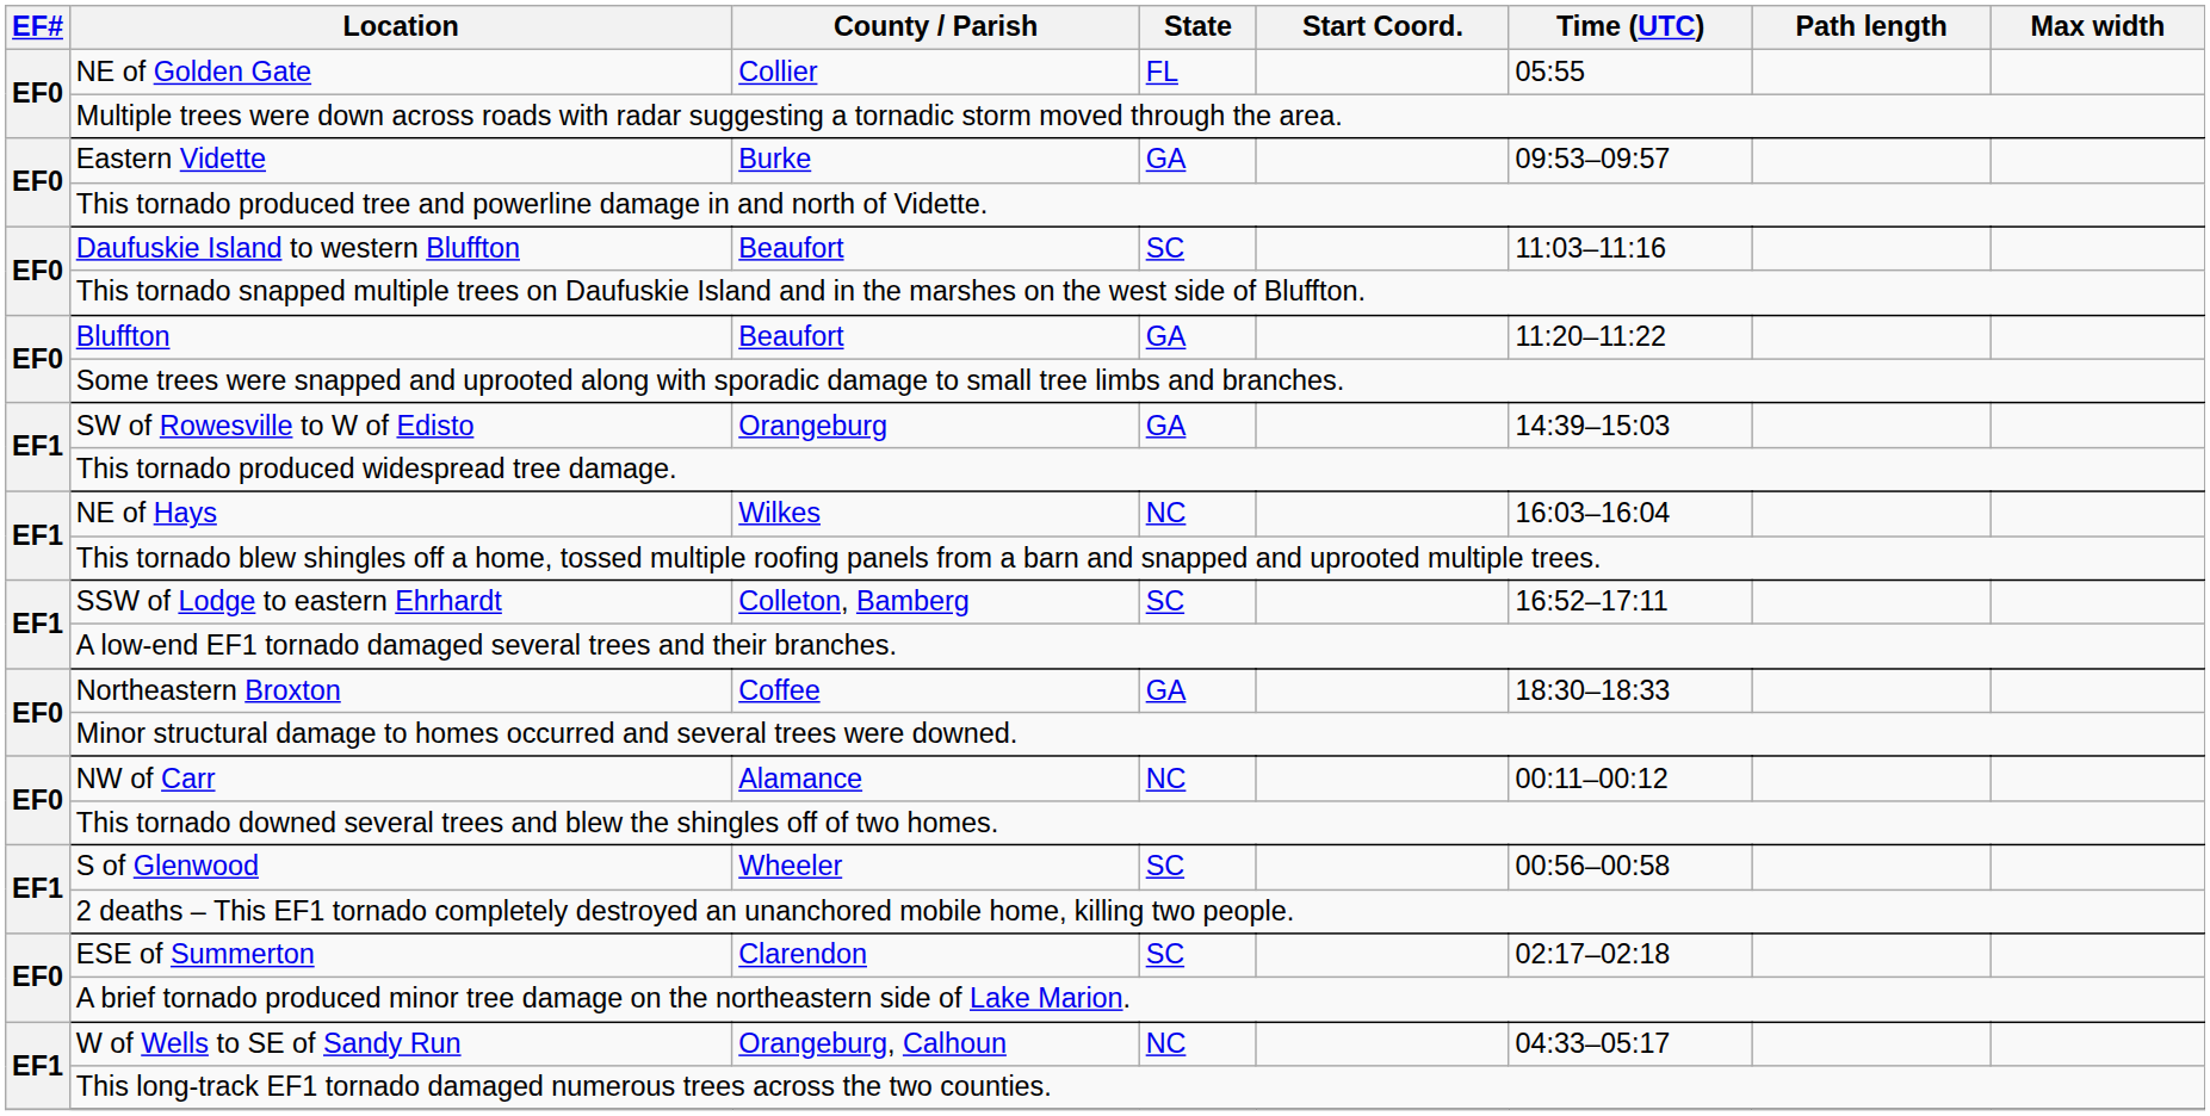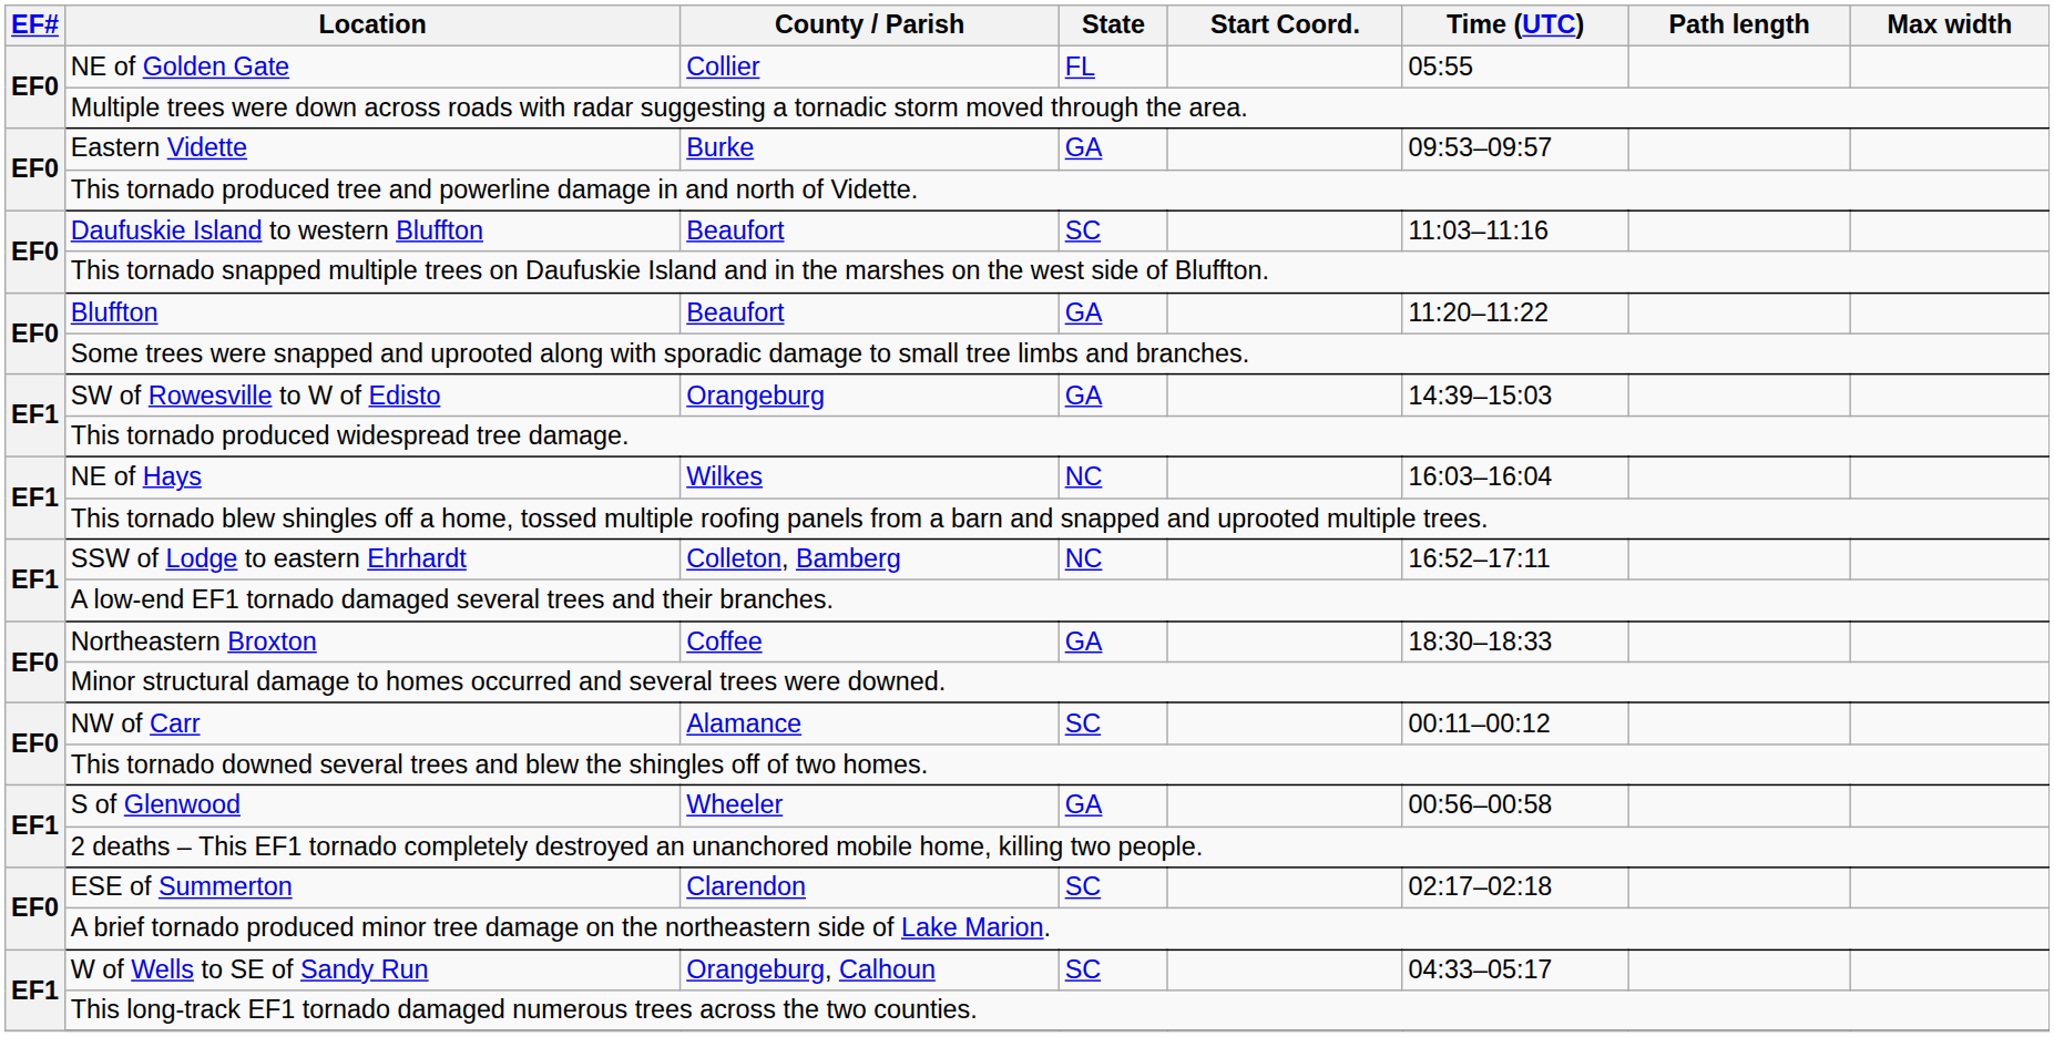 <table class="wikitable sortable" style="width:100%;">
 <tr>
 <th scope="col" width="2%" align="center"><a href='#'>EF#</a></th>
 <th scope="col" align="center" class="unsortable">Location</th>
 <th scope="col" align="center" class="unsortable">County / Parish</th>
 <th scope="col" align="center">State</th>
 <th scope="col" align="center">Start Coord.</th>
 <th scope="col" align="center">Time (<a href='#'>UTC</a>)</th>
 <th scope="col" align="center">Path length</th>
 <th scope="col" align="center">Max width</th>
 </tr>
 <tr>
 <th scope="row" rowspan="2" style="background-color:#">EF0</th>
 <td>NE of <a href='#'>Golden Gate</a></td>
 <td><a href='#'>Collier</a></td>
 <td><a href='#'>FL</a></td>
 <td></td>
 <td>05:55</td>
 <td></td>
 <td></td>
 </tr>
 <tr class="expand-child">
 <td colspan="8" style=" border-bottom: 1px solid black;">Multiple trees were down across roads with radar suggesting a tornadic storm moved through the area.</td>
 </tr>
 <tr>
 <th scope="row" rowspan="2" style="background-color:#">EF0</th>
 <td>Eastern <a href='#'>Vidette</a></td>
 <td><a href='#'>Burke</a></td>
 <td><a href='#'>GA</a></td>
 <td></td>
 <td>09:53–09:57</td>
 <td></td>
 <td></td>
 </tr>
 <tr class="expand-child">
 <td colspan="8" style=" border-bottom: 1px solid black;">This tornado produced tree and powerline damage in and north of Vidette.</td>
 </tr>
 <tr>
 <th scope="row" rowspan="2" style="background-color:#">EF0</th>
 <td><a href='#'>Daufuskie Island</a> to western <a href='#'>Bluffton</a></td>
 <td><a href='#'>Beaufort</a></td>
 <td><a href='#'>SC</a></td>
 <td></td>
 <td>11:03–11:16</td>
 <td></td>
 <td></td>
 </tr>
 <tr class="expand-child">
 <td colspan="8" style=" border-bottom: 1px solid black;">This tornado snapped multiple trees on Daufuskie Island and in the marshes on the west side of Bluffton.</td>
 </tr>
 <tr>
 <th scope="row" rowspan="2" style="background-color:#">EF0</th>
 <td><a href='#'>Bluffton</a></td>
 <td><a href='#'>Beaufort</a></td>
 <td><a href='#'>GA</a></td>
 <td></td>
 <td>11:20–11:22</td>
 <td></td>
 <td></td>
 </tr>
 <tr class="expand-child">
 <td colspan="8" style=" border-bottom: 1px solid black;">Some trees were snapped and uprooted along with sporadic damage to small tree limbs and branches.</td>
 </tr>
 <tr>
 <th scope="row" rowspan="2" style="background-color:#">EF1</th>
 <td>SW of <a href='#'>Rowesville</a> to W of <a href='#'>Edisto</a></td>
 <td><a href='#'>Orangeburg</a></td>
 <td><a href='#'>GA</a></td>
 <td></td>
 <td>14:39–15:03</td>
 <td></td>
 <td></td>
 </tr>
 <tr class="expand-child">
 <td colspan="8" style=" border-bottom: 1px solid black;">This tornado produced widespread tree damage.</td>
 </tr>
 <tr>
 <th scope="row" rowspan="2" style="background-color:#">EF1</th>
 <td>NE of <a href='#'>Hays</a></td>
 <td><a href='#'>Wilkes</a></td>
 <td><a href='#'>NC</a></td>
 <td></td>
 <td>16:03–16:04</td>
 <td></td>
 <td></td>
 </tr>
 <tr class="expand-child">
 <td colspan="8" style=" border-bottom: 1px solid black;">This tornado blew shingles off a home, tossed multiple roofing panels from a barn and snapped and uprooted multiple trees.</td>
 </tr>
 <tr>
 <th scope="row" rowspan="2" style="background-color:#">EF1</th>
 <td>SSW of <a href='#'>Lodge</a> to eastern <a href='#'>Ehrhardt</a></td>
 <td><a href='#'>Colleton</a>, <a href='#'>Bamberg</a></td>
-<td><a href='#'>SC</a></td>
+<td><a href='#'>NC</a></td>
 <td></td>
 <td>16:52–17:11</td>
 <td></td>
 <td></td>
 </tr>
 <tr class="expand-child">
 <td colspan="8" style=" border-bottom: 1px solid black;">A low-end EF1 tornado damaged several trees and their branches.</td>
 </tr>
 <tr>
 <th scope="row" rowspan="2" style="background-color:#">EF0</th>
 <td>Northeastern <a href='#'>Broxton</a></td>
 <td><a href='#'>Coffee</a></td>
 <td><a href='#'>GA</a></td>
 <td></td>
 <td>18:30–18:33</td>
 <td></td>
 <td></td>
 </tr>
 <tr class="expand-child">
 <td colspan="8" style=" border-bottom: 1px solid black;">Minor structural damage to homes occurred and several trees were downed.</td>
 </tr>
 <tr>
 <th scope="row" rowspan="2" style="background-color:#">EF0</th>
 <td>NW of <a href='#'>Carr</a></td>
 <td><a href='#'>Alamance</a></td>
-<td><a href='#'>NC</a></td>
+<td><a href='#'>SC</a></td>
 <td></td>
 <td>00:11–00:12</td>
 <td></td>
 <td></td>
 </tr>
 <tr class="expand-child">
 <td colspan="8" style=" border-bottom: 1px solid black;">This tornado downed several trees and blew the shingles off of two homes.</td>
 </tr>
 <tr>
 <th scope="row" rowspan="2" style="background-color:#">EF1</th>
 <td>S of <a href='#'>Glenwood</a></td>
 <td><a href='#'>Wheeler</a></td>
-<td><a href='#'>SC</a></td>
+<td><a href='#'>GA</a></td>
 <td></td>
 <td>00:56–00:58</td>
 <td></td>
 <td></td>
 </tr>
 <tr class="expand-child">
 <td colspan="8" style=" border-bottom: 1px solid black;">2 deaths – This EF1 tornado completely destroyed an unanchored mobile home, killing two people.</td>
 </tr>
 <tr>
 <th scope="row" rowspan="2" style="background-color:#">EF0</th>
 <td>ESE of <a href='#'>Summerton</a></td>
 <td><a href='#'>Clarendon</a></td>
 <td><a href='#'>SC</a></td>
 <td></td>
 <td>02:17–02:18</td>
 <td></td>
 <td></td>
 </tr>
 <tr class="expand-child">
 <td colspan="8" style=" border-bottom: 1px solid black;">A brief tornado produced minor tree damage on the northeastern side of <a href='#'>Lake Marion</a>.</td>
 </tr>
 <tr>
 <th scope="row" rowspan="2" style="background-color:#">EF1</th>
 <td>W of <a href='#'>Wells</a> to SE of <a href='#'>Sandy Run</a></td>
 <td><a href='#'>Orangeburg</a>, <a href='#'>Calhoun</a></td>
-<td><a href='#'>NC</a></td>
+<td><a href='#'>SC</a></td>
 <td></td>
 <td>04:33–05:17</td>
 <td></td>
 <td></td>
 </tr>
 <tr class="expand-child">
 <td colspan="8" style=" border-bottom: 1px solid black;">This long-track EF1 tornado damaged numerous trees across the two counties.</td>
 </tr>
 <tr>
 </tr>
 </table>
